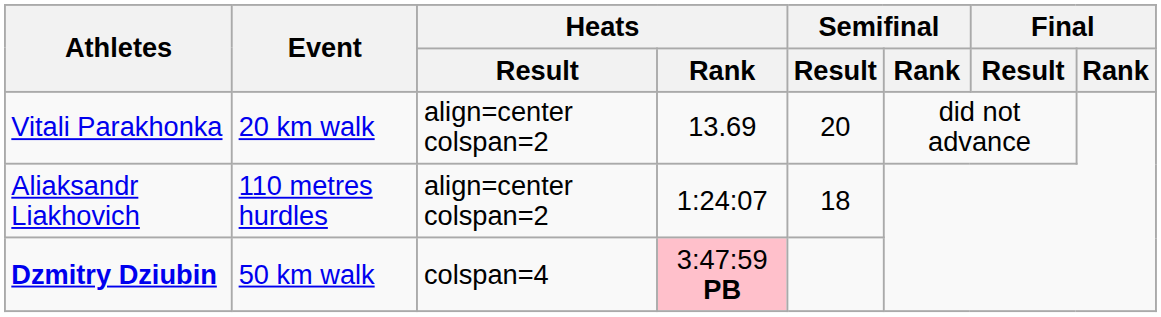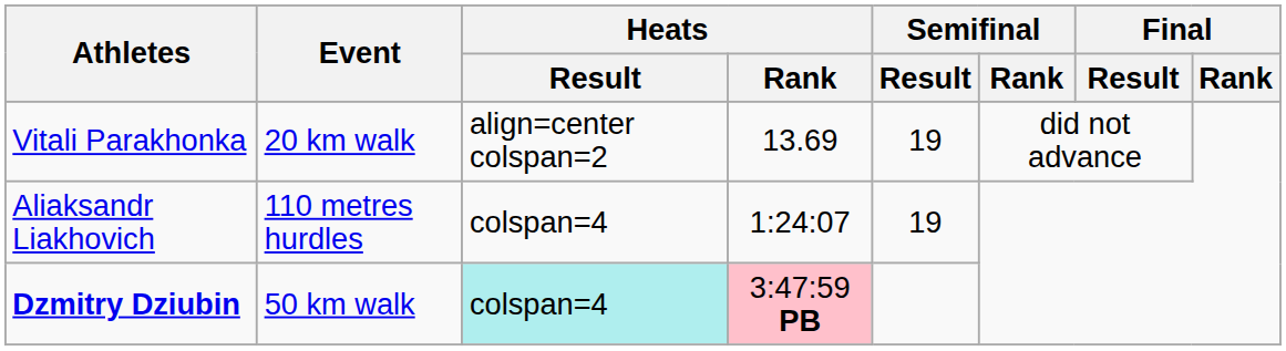 <table class="wikitable" border="1" style="font-size:90%">
 <tr>
 <th rowspan="2">Athletes</th>
 <th rowspan="2">Event</th>
 <th colspan="2">Heats</th>
 <th colspan="2">Semifinal</th>
 <th colspan="2">Final</th>
 </tr>
 <tr>
 <th>Result</th>
 <th>Rank</th>
 <th>Result</th>
 <th>Rank</th>
 <th>Result</th>
 <th>Rank</th>
 </tr>
 <tr>
 <td><a href='#'>Vitali Parakhonka</a></td>
 <td><a href='#'>20 km walk</a></td>
 <td>align=center colspan=2 </td>
 <td align=center>13.69</td>
-<td align=center>20</td>
+<td align=center>19</td>
 <td align=center colspan=2>did not advance</td>
 </tr>
 <tr>
 <td><a href='#'>Aliaksandr Liakhovich</a></td>
 <td><a href='#'>110 metres hurdles</a></td>
-<td>align=center colspan=2 </td>
+<td>colspan=4</td>
 <td align=center>1:24:07</td>
-<td align=center>18</td>
+<td align=center>19</td>
 </tr>
 <tr>
 <td><strong><a href='#'>Dzmitry Dziubin</a></strong></td>
 <td><a href='#'>50 km walk</a></td>
-<td>colspan=4</td>
+<td style="background: paleturquoise;">colspan=4</td>
 <td align=center style="background: pink;">3:47:59 <strong>PB</strong></td>
 <td align=center></td>
 </tr>
 </table>
